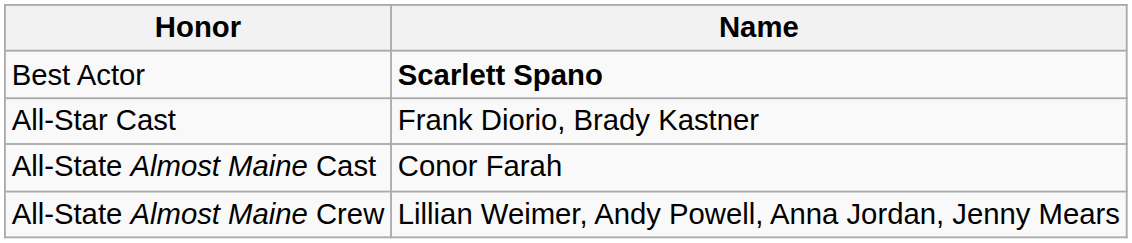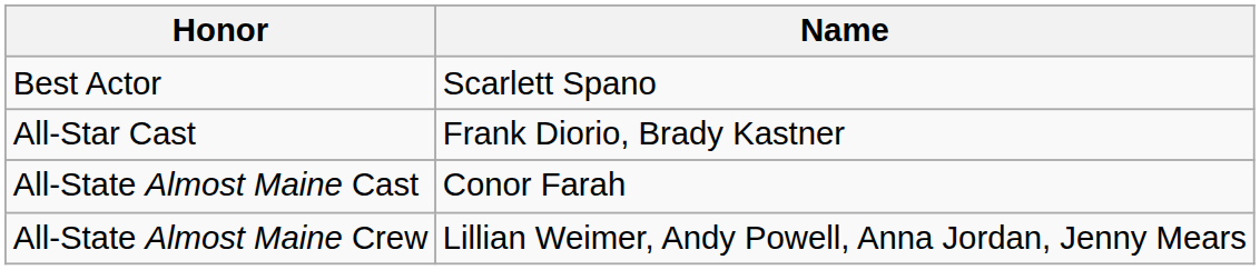 <table class="wikitable">
 <tr>
 <th>Honor</th>
 <th>Name</th>
 </tr>
 <tr>
 <td>Best Actor</td>
-<td><strong>Scarlett Spano</strong></td>
+<td>Scarlett Spano</td>
 </tr>
 <tr>
 <td>All-Star Cast</td>
 <td>Frank Diorio, Brady Kastner</td>
 </tr>
 <tr>
 <td>All-State <em>Almost Maine</em> Cast</td>
 <td>Conor Farah</td>
 </tr>
 <tr>
 <td>All-State <em>Almost Maine</em> Crew</td>
 <td>Lillian Weimer, Andy Powell, Anna Jordan, Jenny Mears</td>
 </tr>
 </table>
